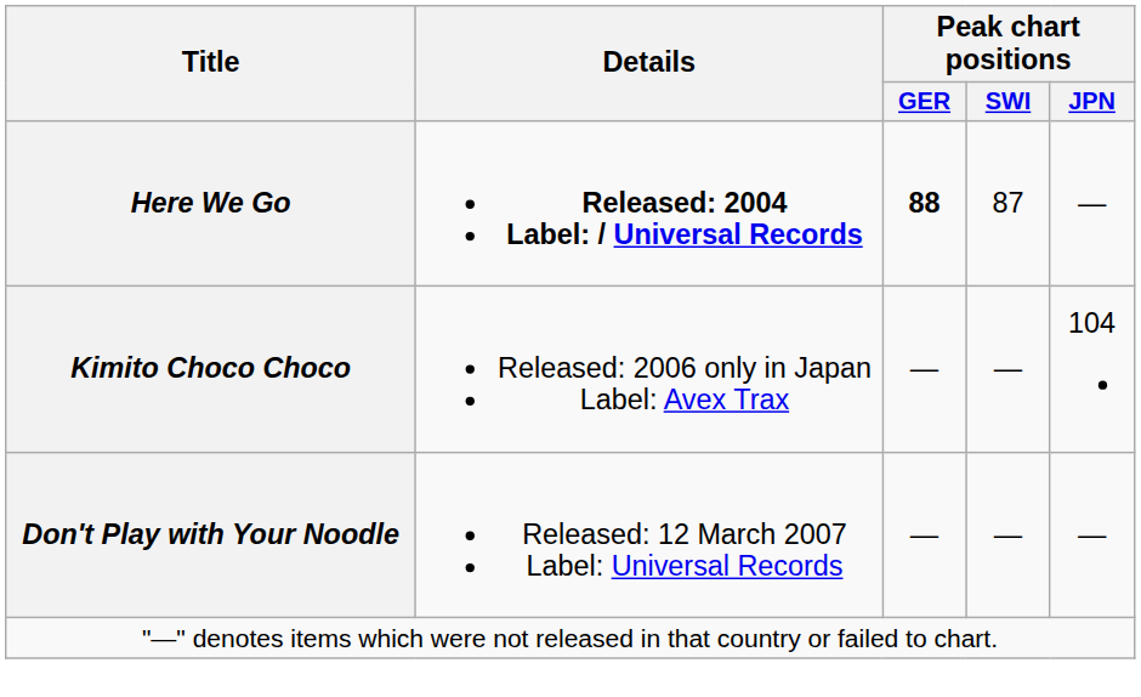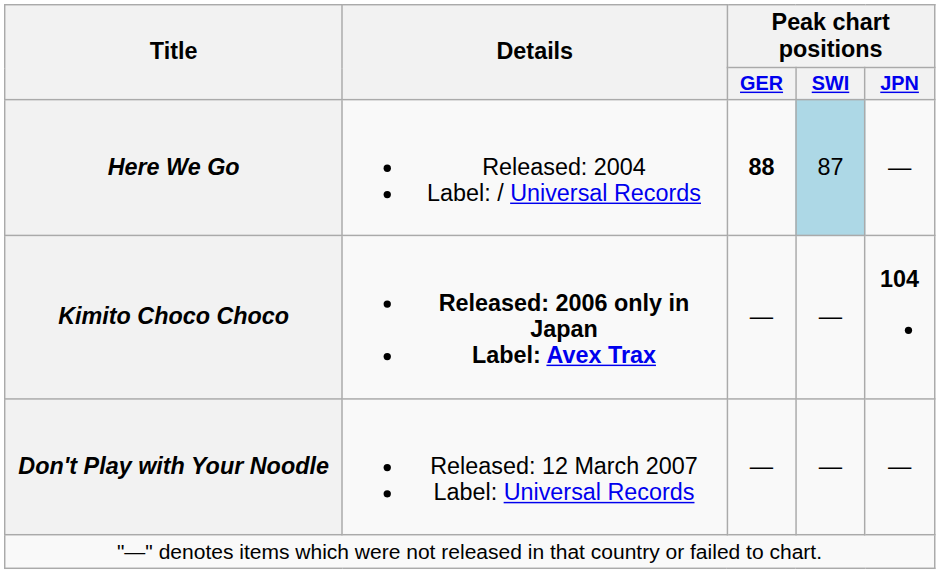 <table class="wikitable plainrowheaders" style="text-align:center;">
 <tr>
 <th rowspan="2" scope="col" style="width:14em;">Title</th>
 <th rowspan="2" scope="col" style="width:16em;">Details</th>
 <th colspan="3">Peak chart positions</th>
 </tr>
 <tr>
 <th scope="col" style="width:3em;font-size:85%;"><a href='#'>GER</a><br></th>
 <th scope="col" style="width:3em;font-size:85%;"><a href='#'>SWI</a><br></th>
 <th scope="col" style="width:3em;font-size:85%;"><a href='#'>JPN</a><br></th>
 </tr>
 <tr>
 <th scope="row"><em>Here We Go</em></th>
-<td><strong><br><ul><li>Released: 2004</li><li>Label:  / <a href='#'>Universal Records</a></li></ul></strong></td>
+<td><br><ul><li>Released: 2004</li><li>Label:  / <a href='#'>Universal Records</a></li></ul></td>
 <td><strong>88</strong></td>
-<td>87</td>
+<td style="background: lightblue;">87</td>
 <td>—</td>
 </tr>
 <tr>
 <th scope="row"><em>Kimito Choco Choco</em></th>
-<td><br><ul><li>Released: 2006 only in Japan</li><li>Label: <a href='#'>Avex Trax</a></li></ul></td>
+<td><strong><br><ul><li>Released: 2006 only in Japan</li><li>Label: <a href='#'>Avex Trax</a></li></ul></strong></td>
 <td>—</td>
 <td>—</td>
-<td>104<br><ul><li></li></ul></td>
+<td><strong>104<br><ul><li></li></ul></strong></td>
 </tr>
 <tr>
 <th scope="row"><em>Don't Play with Your Noodle</em></th>
 <td><br><ul><li>Released: 12 March 2007</li><li>Label: <a href='#'>Universal Records</a></li></ul></td>
 <td>—</td>
 <td>—</td>
 <td>—</td>
 </tr>
 <tr>
 <td colspan="7" style="font-size:90%;" align="center">"—" denotes items which were not released in that country or failed to chart.</td>
 </tr>
 </table>
